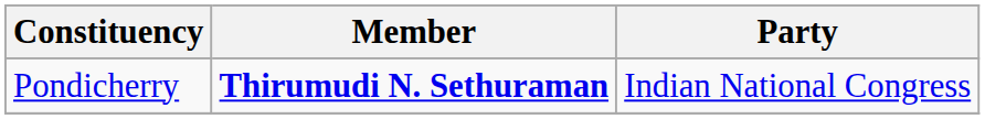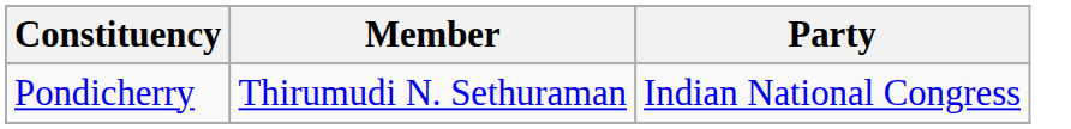 <table class="wikitable sortable">
 <tr>
 <th>Constituency</th>
 <th>Member</th>
 <th>Party</th>
 </tr>
 <tr>
 <td><a href='#'>Pondicherry</a></td>
-<td><strong><a href='#'>Thirumudi N. Sethuraman</a></strong></td>
+<td><a href='#'>Thirumudi N. Sethuraman</a></td>
 <td><a href='#'>Indian National Congress</a></td>
 </tr>
 <tr>
 </tr>
 </table>
